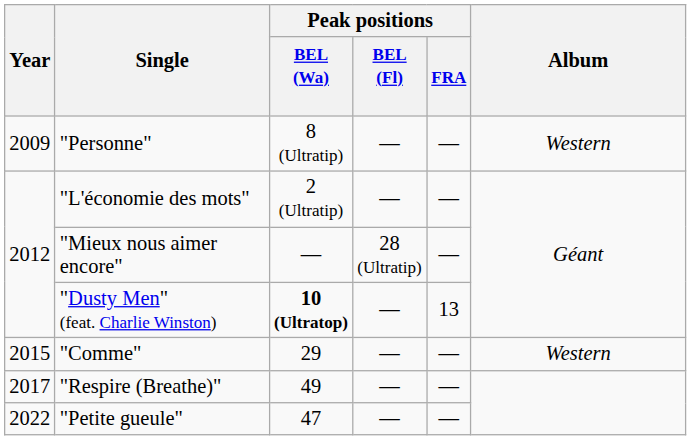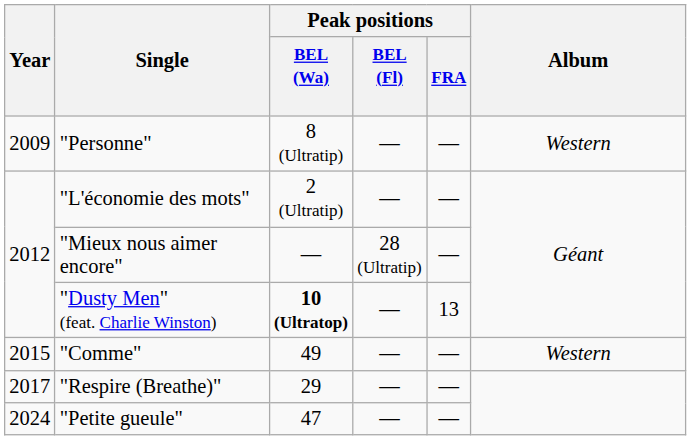 <table class="wikitable">
 <tr>
 <th scope="col" rowspan="2" width="20">Year</th>
 <th scope="col" rowspan="2" width="160">Single</th>
 <th scope="col" colspan="3" width="60">Peak positions</th>
 <th scope="col" rowspan="2" width="160">Album</th>
 </tr>
 <tr>
 <th scope="col" width="20"><small><a href='#'>BEL <br>(Wa)</a><br></small><br></th>
 <th scope="col" width="20"><small><a href='#'>BEL <br>(Fl)</a><br></small><br></th>
 <th scope="col" width="20"><small><a href='#'>FRA</a><br></small></th>
 </tr>
 <tr>
 <td>2009</td>
 <td>"Personne"</td>
 <td align="center">8 <br><small>(Ultratip)</small></td>
 <td align="center">—</td>
 <td align="center">—</td>
 <td align="center"><em>Western</em></td>
 </tr>
 <tr>
 <td rowspan=3>2012</td>
 <td>"L'économie des mots"</td>
 <td align="center">2 <br><small>(Ultratip)</small></td>
 <td align="center">—</td>
 <td align="center">—</td>
 <td align="center" rowspan=3><em>Géant</em></td>
 </tr>
 <tr>
 <td>"Mieux nous aimer encore"</td>
 <td align="center">—</td>
 <td align="center">28 <br><small>(Ultratip)</small></td>
 <td align="center">—</td>
 </tr>
 <tr>
 <td>"<a href='#'>Dusty Men</a>"<br><small>(feat. <a href='#'>Charlie Winston</a>)</small></td>
 <td align="center"><strong>10 <br><small>(Ultratop)</small></strong></td>
 <td align="center">—</td>
 <td align="center">13</td>
 </tr>
 <tr>
 <td>2015</td>
 <td>"Comme"</td>
-<td align="center">29</td>
+<td align="center">49</td>
 <td align="center">—</td>
 <td align="center">—</td>
 <td align="center"><em>Western</em></td>
 </tr>
 <tr>
 <td>2017</td>
 <td>"Respire (Breathe)"</td>
-<td align="center">49</td>
+<td align="center">29</td>
 <td align="center">—</td>
 <td align="center">—</td>
 </tr>
 <tr>
-<td>2022</td>
+<td>2024</td>
 <td>"Petite gueule"<br></td>
 <td align="center">47</td>
 <td align="center">—</td>
 <td align="center">—</td>
 </tr>
 </table>
